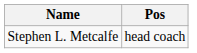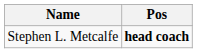 <table class="wikitable">
 <tr>
 <th>Name</th>
 <th>Pos</th>
 </tr>
 <tr>
 <td>Stephen L. Metcalfe</td>
-<td>head coach</td>
+<td><strong>head coach</strong></td>
 </tr>
 </table>
